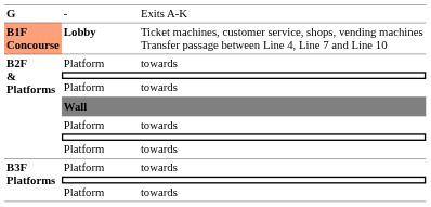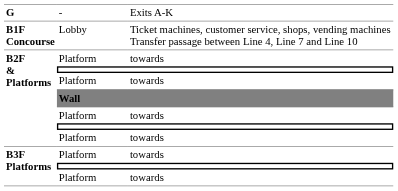 <table table border=0 cellspacing=0 cellpadding=3>
 <tr>
 <td style="border-top:solid 1px gray;" width=50 valign=top><strong>G</strong></td>
 <td style="border-top:solid 1px gray;" width=100 valign=top>-</td>
 <td style="border-top:solid 1px gray;" width=390 valign=top>Exits A-K</td>
 </tr>
 <tr>
-<td style="background: lightsalmon; border-bottom:solid 1px gray; border-top:solid 1px gray;" valign=top width=50><strong>B1F<br>Concourse</strong></td>
-<td style="border-bottom:solid 1px gray; border-top:solid 1px gray;" valign=top width=100><strong>Lobby</strong></td>
+<td style="border-bottom:solid 1px gray; border-top:solid 1px gray;" valign=top width=50><strong>B1F<br>Concourse</strong></td>
+<td style="border-bottom:solid 1px gray; border-top:solid 1px gray;" valign=top width=100>Lobby</td>
 <td style="border-bottom:solid 1px gray; border-top:solid 1px gray;" valign=top width=390>Ticket machines, customer service, shops, vending machines<br>Transfer passage between Line 4, Line 7 and Line 10</td>
 </tr>
 <tr>
 <td style="border-bottom:solid 1px gray;" rowspan=7 valign=top><strong>B2F<br> &  Platforms</strong></td>
 <td>Platform </td>
 <td>  towards  </td>
 </tr>
 <tr>
 <td style="border-right:solid 2px black;border-left:solid 2px black;border-top:solid 2px black;border-bottom:solid 2px black;text-align:center;" colspan=2></td>
 </tr>
 <tr>
 <td style="border-bottom:solid 1px gray;">Platform </td>
 <td style="border-bottom:solid 1px gray;">  towards   </td>
 </tr>
 <tr bgcolor="grey">
 <td style="border-bottom:solid 1px gray;border-top:solid 1px gray;" colspan=2><strong>Wall</strong></td>
 </tr>
 <tr>
 <td>Platform</td>
 <td>  towards  </td>
 </tr>
 <tr>
 <td style="border-right:solid 2px black;border-left:solid 2px black;border-top:solid 2px black;border-bottom:solid 2px black;text-align:center;" colspan=2></td>
 </tr>
 <tr>
 <td style="border-bottom:solid 1px gray;">Platform</td>
 <td style="border-bottom:solid 1px gray;">  towards   </td>
 </tr>
 <tr>
 <td style="border-bottom:solid 1px gray;" rowspan=4 valign=top><strong>B3F<br> Platforms</strong></td>
 <td>Platform</td>
 <td>  towards  </td>
 </tr>
 <tr>
 <td style="border-right:solid 2px black;border-left:solid 2px black;border-top:solid 2px black;border-bottom:solid 2px black;text-align:center;" colspan=2></td>
 </tr>
 <tr>
 <td style="border-bottom:solid 1px gray;">Platform</td>
 <td style="border-bottom:solid 1px gray;">  towards   </td>
 </tr>
 </table>
